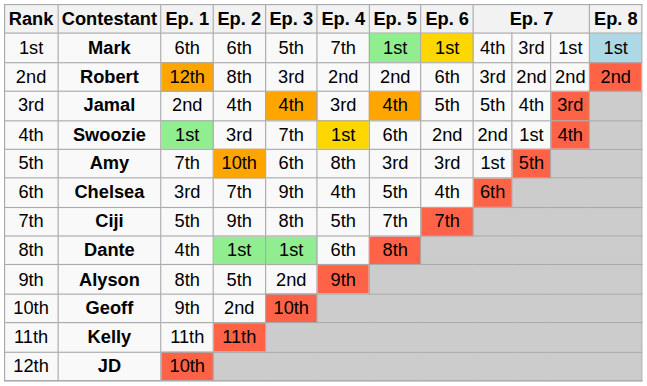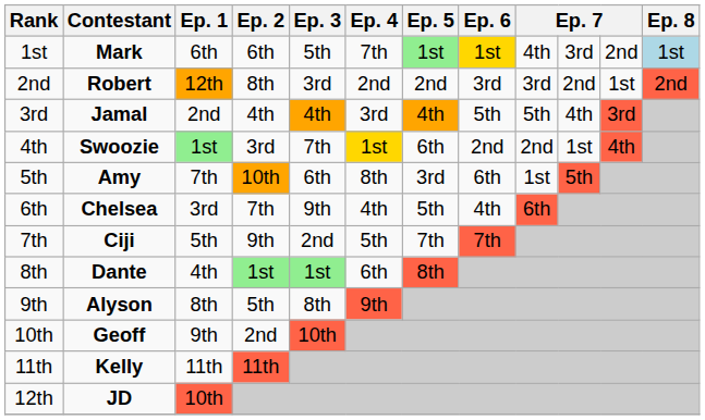 <table class="wikitable" border="1" style="text-align:center">
 <tr>
 <th>Rank</th>
 <th>Contestant</th>
 <th>Ep. 1</th>
 <th>Ep. 2</th>
 <th>Ep. 3</th>
 <th>Ep. 4</th>
 <th>Ep. 5</th>
 <th>Ep. 6</th>
 <th colspan="3">Ep. 7</th>
 <th>Ep. 8</th>
 </tr>
 <tr>
 <td>1st</td>
 <td><strong>Mark</strong></td>
 <td>6th</td>
 <td>6th</td>
 <td>5th</td>
 <td>7th</td>
 <td bgcolor="lightgreen">1st</td>
 <td bgcolor="gold">1st</td>
 <td>4th</td>
 <td>3rd</td>
-<td>1st</td>
+<td>2nd</td>
 <td bgcolor="lightblue">1st</td>
 </tr>
 <tr>
 <td>2nd</td>
 <td><strong>Robert</strong></td>
 <td bgcolor="orange">12th</td>
 <td>8th</td>
 <td>3rd</td>
 <td>2nd</td>
 <td>2nd</td>
-<td>6th</td>
+<td>3rd</td>
 <td>3rd</td>
 <td>2nd</td>
-<td>2nd</td>
+<td>1st</td>
 <td bgcolor="tomato">2nd</td>
 </tr>
 <tr>
 <td>3rd</td>
 <td><strong>Jamal</strong></td>
 <td>2nd</td>
 <td>4th</td>
 <td bgcolor="orange">4th</td>
 <td>3rd</td>
 <td bgcolor="orange">4th</td>
 <td>5th</td>
 <td>5th</td>
 <td>4th</td>
 <td bgcolor="tomato">3rd</td>
 <td colspan="1" bgcolor="CCCCCC"></td>
 </tr>
 <tr>
 <td>4th</td>
 <td><strong>Swoozie</strong></td>
 <td bgcolor="lightgreen">1st</td>
 <td>3rd</td>
 <td>7th</td>
 <td bgcolor="gold">1st</td>
 <td>6th</td>
 <td>2nd</td>
 <td>2nd</td>
 <td>1st</td>
 <td bgcolor="tomato">4th</td>
 <td colspan="1" bgcolor="CCCCCC"></td>
 </tr>
 <tr>
 <td>5th</td>
 <td><strong>Amy</strong></td>
 <td>7th</td>
 <td bgcolor="orange">10th</td>
 <td>6th</td>
 <td>8th</td>
 <td>3rd</td>
-<td>3rd</td>
+<td>6th</td>
 <td>1st</td>
 <td bgcolor="tomato"><span>5th</span></td>
 <td colspan="2" bgcolor="CCCCCC"></td>
 </tr>
 <tr>
 <td>6th</td>
 <td><strong>Chelsea</strong></td>
 <td>3rd</td>
 <td>7th</td>
 <td>9th</td>
 <td>4th</td>
 <td>5th</td>
 <td>4th</td>
 <td bgcolor="tomato"><span>6th</span></td>
 <td colspan="3" bgcolor="CCCCCC"></td>
 </tr>
 <tr>
 <td>7th</td>
 <td><strong>Ciji</strong></td>
 <td>5th</td>
 <td>9th</td>
-<td>8th</td>
+<td>2nd</td>
 <td>5th</td>
 <td>7th</td>
 <td bgcolor="tomato">7th</td>
 <td colspan="4" bgcolor="CCCCCC"></td>
 </tr>
 <tr>
 <td>8th</td>
 <td><strong>Dante</strong></td>
 <td>4th</td>
 <td bgcolor="lightgreen">1st</td>
 <td bgcolor="lightgreen">1st</td>
 <td>6th</td>
 <td bgcolor="tomato">8th</td>
 <td colspan="5" bgcolor="CCCCCC"></td>
 </tr>
 <tr>
 <td>9th</td>
 <td><strong>Alyson</strong></td>
 <td>8th</td>
 <td>5th</td>
-<td>2nd</td>
+<td>8th</td>
 <td bgcolor="tomato">9th</td>
 <td colspan="6" bgcolor="CCCCCC"></td>
 </tr>
 <tr>
 <td>10th</td>
 <td><strong>Geoff</strong></td>
 <td>9th</td>
 <td>2nd</td>
 <td bgcolor="tomato">10th</td>
 <td colspan="7" bgcolor="CCCCCC"></td>
 </tr>
 <tr>
 <td>11th</td>
 <td><strong>Kelly</strong></td>
 <td>11th</td>
 <td bgcolor="tomato">11th</td>
 <td colspan="8" bgcolor="CCCCCC"></td>
 </tr>
 <tr>
 <td>12th</td>
 <td><strong>JD</strong></td>
 <td bgcolor="tomato">10th</td>
 <td colspan="9" bgcolor="CCCCCC"></td>
 </tr>
 <tr>
 </tr>
 </table>
